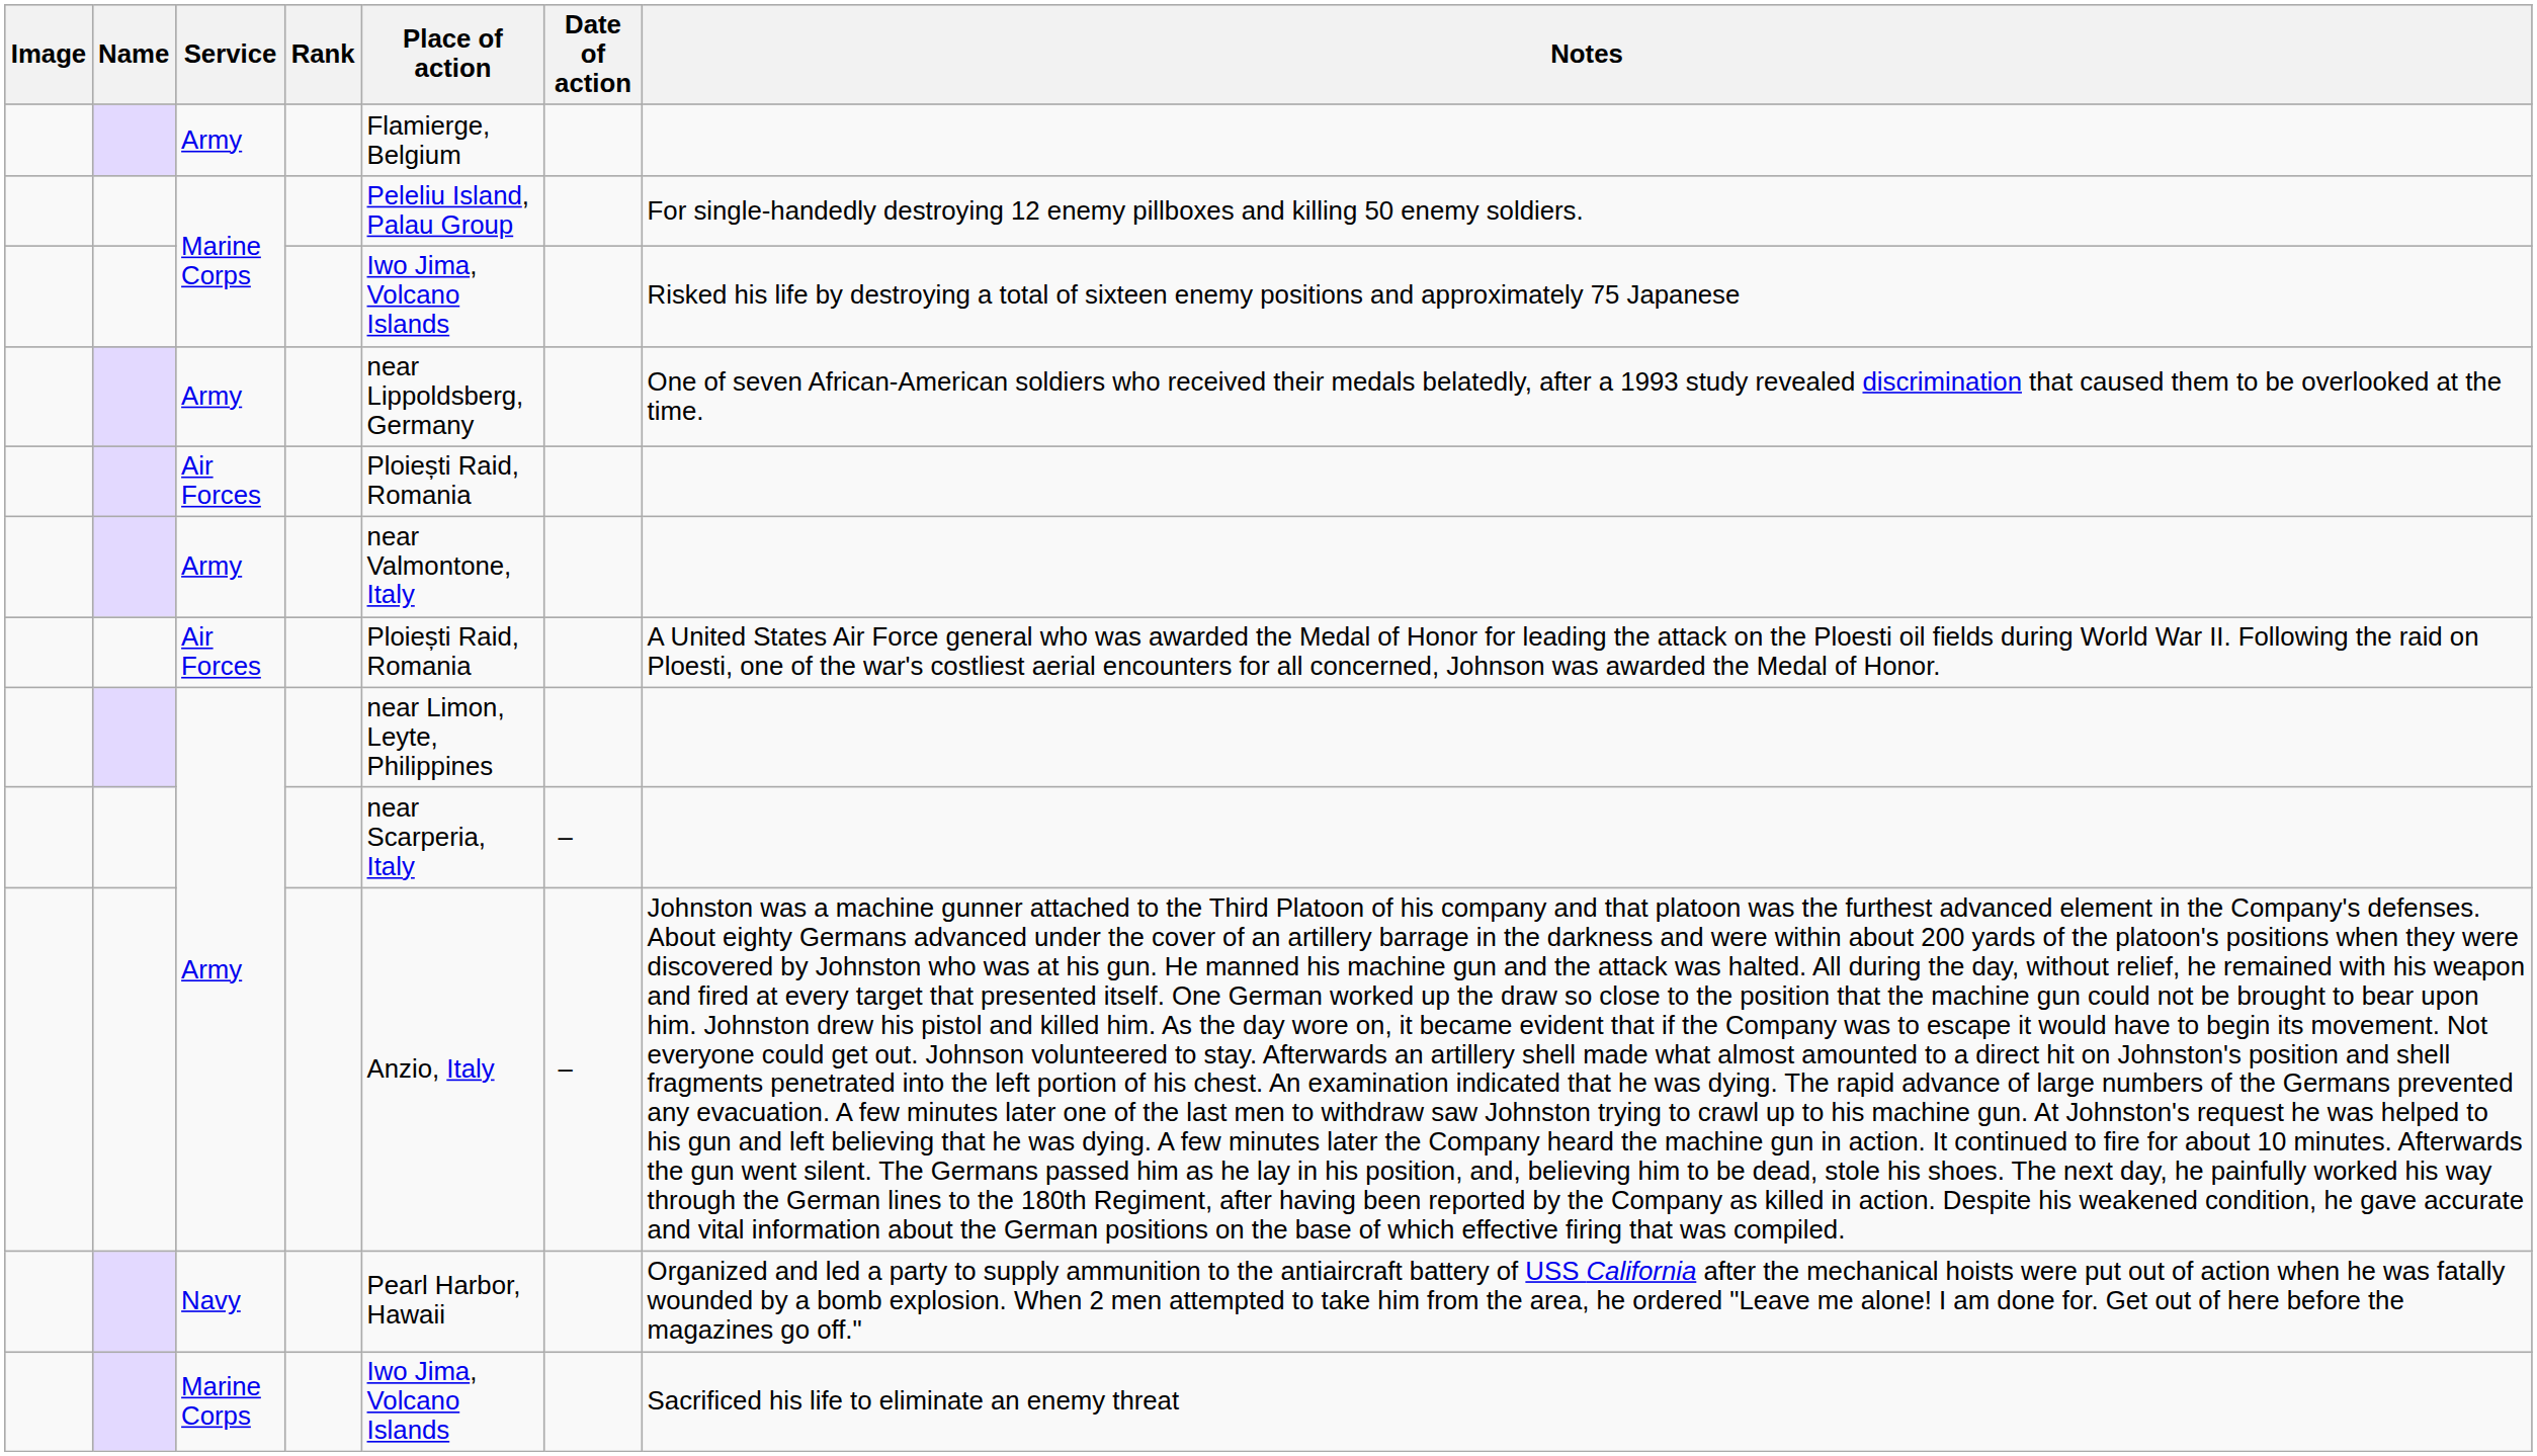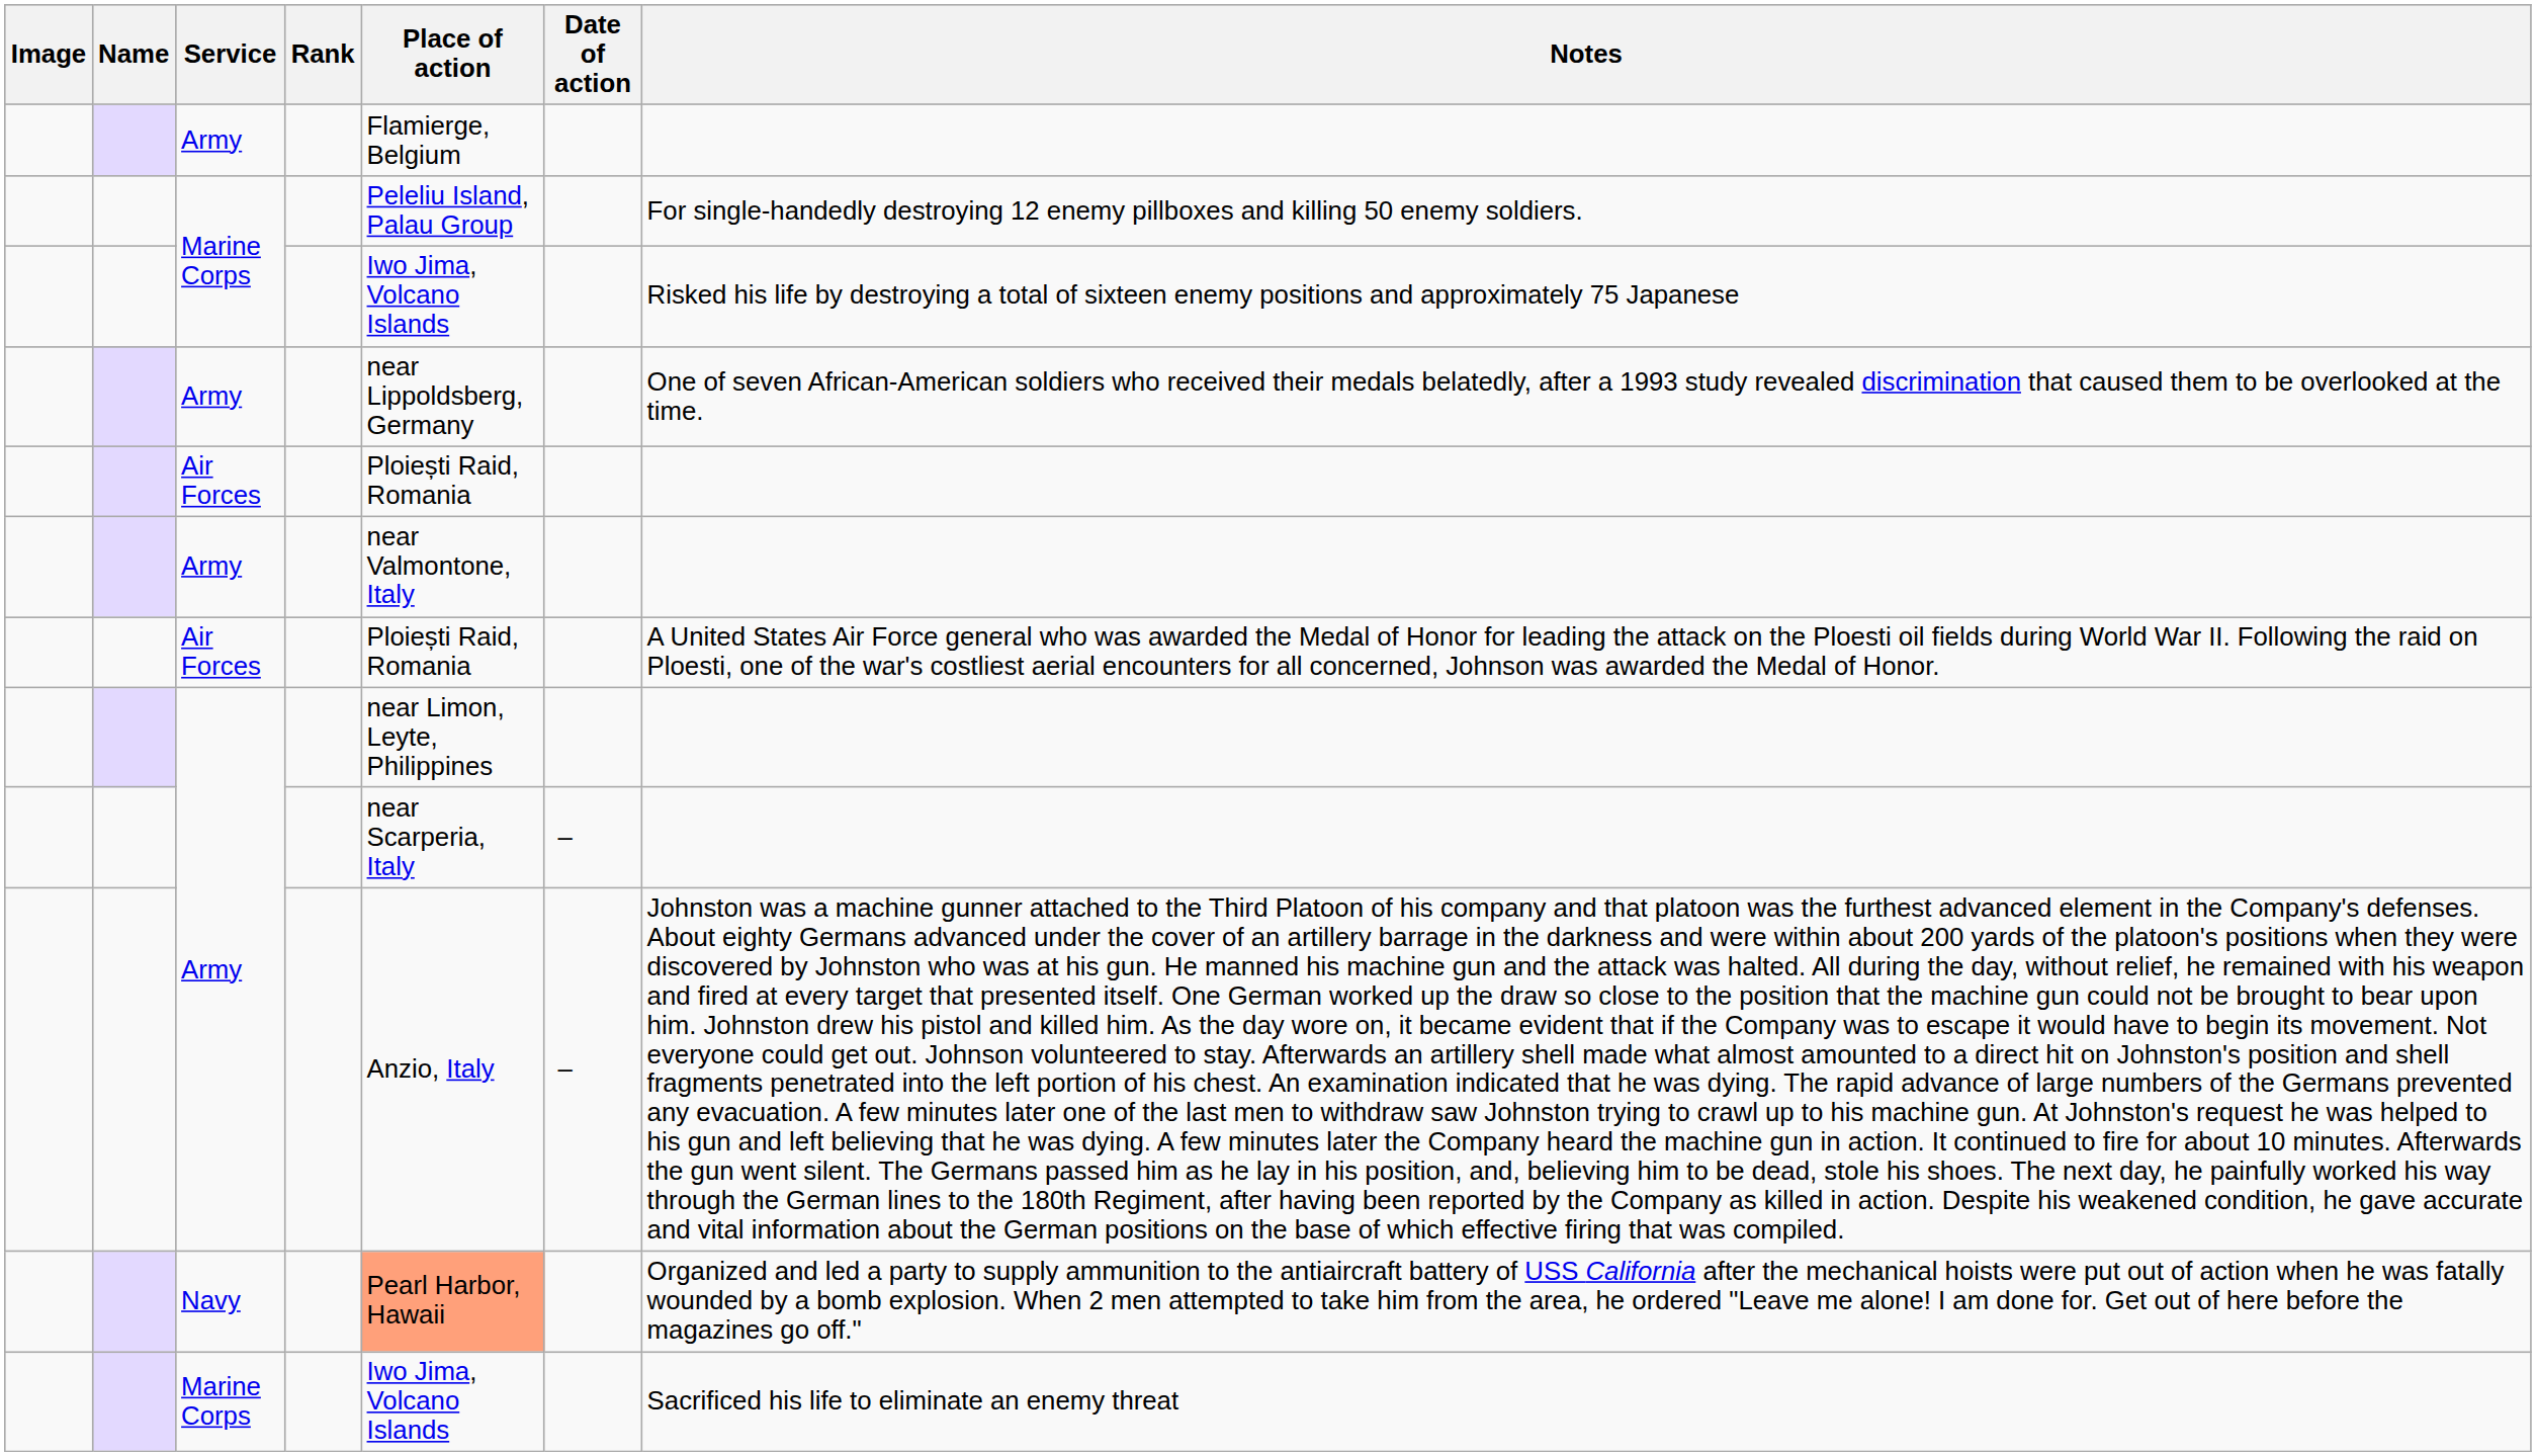 <table class="wikitable sortable" width="98%">
 <tr>
 <th class="unsortable">Image</th>
 <th>Name</th>
 <th>Service</th>
 <th>Rank</th>
 <th>Place of action</th>
 <th>Date of action</th>
 <th class="unsortable">Notes</th>
 </tr>
 <tr>
 <td></td>
 <td style="background:#e3d9ff;"></td>
 <td><a href='#'>Army</a></td>
 <td></td>
 <td>Flamierge, Belgium</td>
 <td></td>
 <td></td>
 </tr>
 <tr>
 <td></td>
 <td></td>
 <td rowspan="2"><a href='#'>Marine Corps</a></td>
 <td></td>
 <td><a href='#'>Peleliu Island</a>, <a href='#'>Palau Group</a></td>
 <td></td>
 <td>For single-handedly destroying 12 enemy pillboxes and killing 50 enemy soldiers.</td>
 </tr>
 <tr>
 <td></td>
 <td></td>
 <td></td>
 <td><a href='#'>Iwo Jima</a>, <a href='#'>Volcano Islands</a></td>
 <td></td>
 <td>Risked his life by destroying a total of sixteen enemy positions and approximately 75 Japanese</td>
 </tr>
 <tr>
 <td></td>
 <td style="background:#e3d9ff;"></td>
 <td><a href='#'>Army</a></td>
 <td></td>
 <td>near Lippoldsberg, Germany</td>
 <td></td>
 <td>One of seven African-American soldiers who received their medals belatedly, after a 1993 study revealed <a href='#'>discrimination</a> that caused them to be overlooked at the time.</td>
 </tr>
 <tr>
 <td></td>
 <td style="background:#e3d9ff;"></td>
 <td><a href='#'>Air Forces</a></td>
 <td></td>
 <td>Ploiești Raid, Romania</td>
 <td></td>
 <td></td>
 </tr>
 <tr>
 <td></td>
 <td style="background:#e3d9ff;"></td>
 <td><a href='#'>Army</a></td>
 <td></td>
 <td>near Valmontone, <a href='#'>Italy</a></td>
 <td></td>
 <td></td>
 </tr>
 <tr>
 <td></td>
 <td></td>
 <td><a href='#'>Air Forces</a></td>
 <td></td>
 <td>Ploiești Raid, Romania</td>
 <td></td>
 <td>A United States Air Force general who was awarded the Medal of Honor for leading the attack on the Ploesti oil fields during World War II. Following the raid on Ploesti, one of the war's costliest aerial encounters for all concerned, Johnson was awarded the Medal of Honor.</td>
 </tr>
 <tr>
 <td></td>
 <td style="background:#e3d9ff;"></td>
 <td rowspan="3"><a href='#'>Army</a></td>
 <td></td>
 <td>near Limon, Leyte, Philippines</td>
 <td></td>
 <td></td>
 </tr>
 <tr>
 <td></td>
 <td></td>
 <td></td>
 <td>near Scarperia, <a href='#'>Italy</a></td>
 <td> – </td>
 <td></td>
 </tr>
 <tr>
 <td></td>
 <td></td>
 <td></td>
 <td>Anzio, <a href='#'>Italy</a></td>
 <td> – </td>
 <td>Johnston was a machine gunner attached to the Third Platoon of his company and that platoon was the furthest advanced element in the Company's defenses. About eighty Germans advanced under the cover of an artillery barrage in the darkness and were within about 200 yards of the platoon's positions when they were discovered by Johnston who was at his gun. He manned his machine gun and the attack was halted. All during the day, without relief, he remained with his weapon and fired at every target that presented itself. One German worked up the draw so close to the position that the machine gun could not be brought to bear upon him. Johnston drew his pistol and killed him. As the day wore on, it became evident that if the Company was to escape it would have to begin its movement. Not everyone could get out. Johnson volunteered to stay. Afterwards an artillery shell made what almost amounted to a direct hit on Johnston's position and shell fragments penetrated into the left portion of his chest. An examination indicated that he was dying. The rapid advance of large numbers of the Germans prevented any evacuation. A few minutes later one of the last men to withdraw saw Johnston trying to crawl up to his machine gun. At Johnston's request he was helped to his gun and left believing that he was dying. A few minutes later the Company heard the machine gun in action. It continued to fire for about 10 minutes. Afterwards the gun went silent. The Germans passed him as he lay in his position, and, believing him to be dead, stole his shoes. The next day, he painfully worked his way through the German lines to the 180th Regiment, after having been reported by the Company as killed in action. Despite his weakened condition, he gave accurate and vital information about the German positions on the base of which effective firing that was compiled.</td>
 </tr>
 <tr>
 <td></td>
 <td style="background:#e3d9ff;"></td>
 <td><a href='#'>Navy</a></td>
 <td></td>
-<td>Pearl Harbor, Hawaii</td>
+<td style="background: lightsalmon;">Pearl Harbor, Hawaii</td>
 <td></td>
 <td>Organized and led a party to supply ammunition to the antiaircraft battery of <a href='#'>USS <em>California</em></a> after the mechanical hoists were put out of action when he was fatally wounded by a bomb explosion. When 2 men attempted to take him from the area, he ordered "Leave me alone! I am done for. Get out of here before the magazines go off."</td>
 </tr>
 <tr>
 <td></td>
 <td style="background:#e3d9ff;"></td>
 <td><a href='#'>Marine Corps</a></td>
 <td></td>
 <td><a href='#'>Iwo Jima</a>, <a href='#'>Volcano Islands</a></td>
 <td></td>
 <td>Sacrificed his life to eliminate an enemy threat</td>
 </tr>
 </table>
